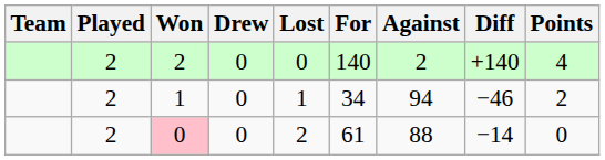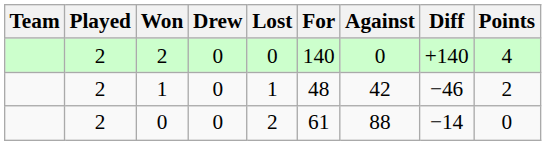 <table class="wikitable" style="text-align:center">
 <tr>
 <th>Team</th>
 <th>Played</th>
 <th>Won</th>
 <th>Drew</th>
 <th>Lost</th>
 <th>For</th>
 <th>Against</th>
 <th>Diff</th>
 <th>Points</th>
 </tr>
 <tr bgcolor="#ccffcc">
 <td align=left></td>
 <td>2</td>
 <td>2</td>
 <td>0</td>
 <td>0</td>
 <td>140</td>
-<td>2</td>
+<td>0</td>
 <td>+140</td>
 <td>4</td>
 </tr>
 <tr>
 <td align=left></td>
 <td>2</td>
 <td>1</td>
 <td>0</td>
 <td>1</td>
-<td>34</td>
-<td>94</td>
+<td>48</td>
+<td>42</td>
 <td>−46</td>
 <td>2</td>
 </tr>
 <tr>
 <td align=left></td>
 <td>2</td>
-<td style="background: pink;">0</td>
+<td>0</td>
 <td>0</td>
 <td>2</td>
 <td>61</td>
 <td>88</td>
 <td>−14</td>
 <td>0</td>
 </tr>
 </table>
